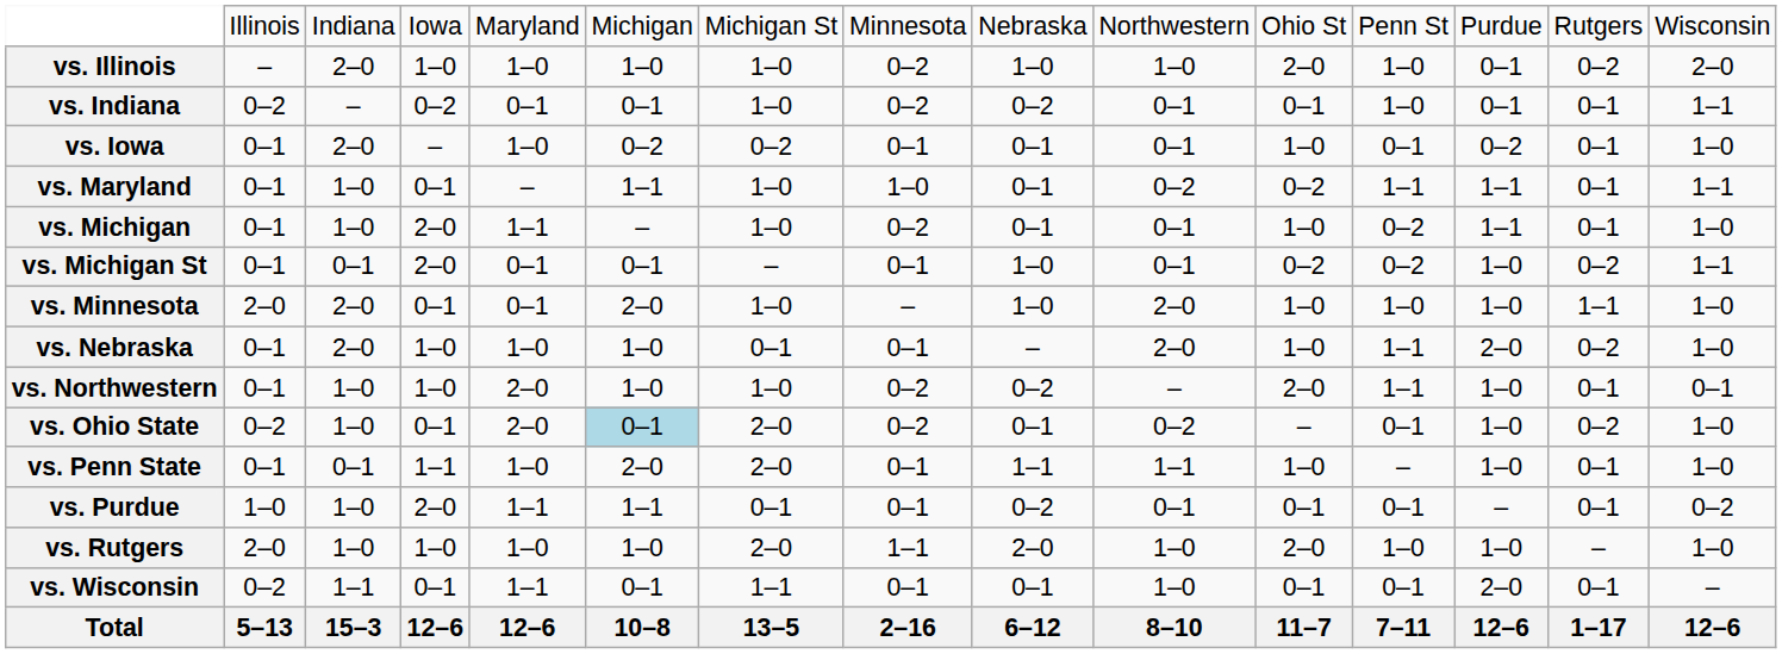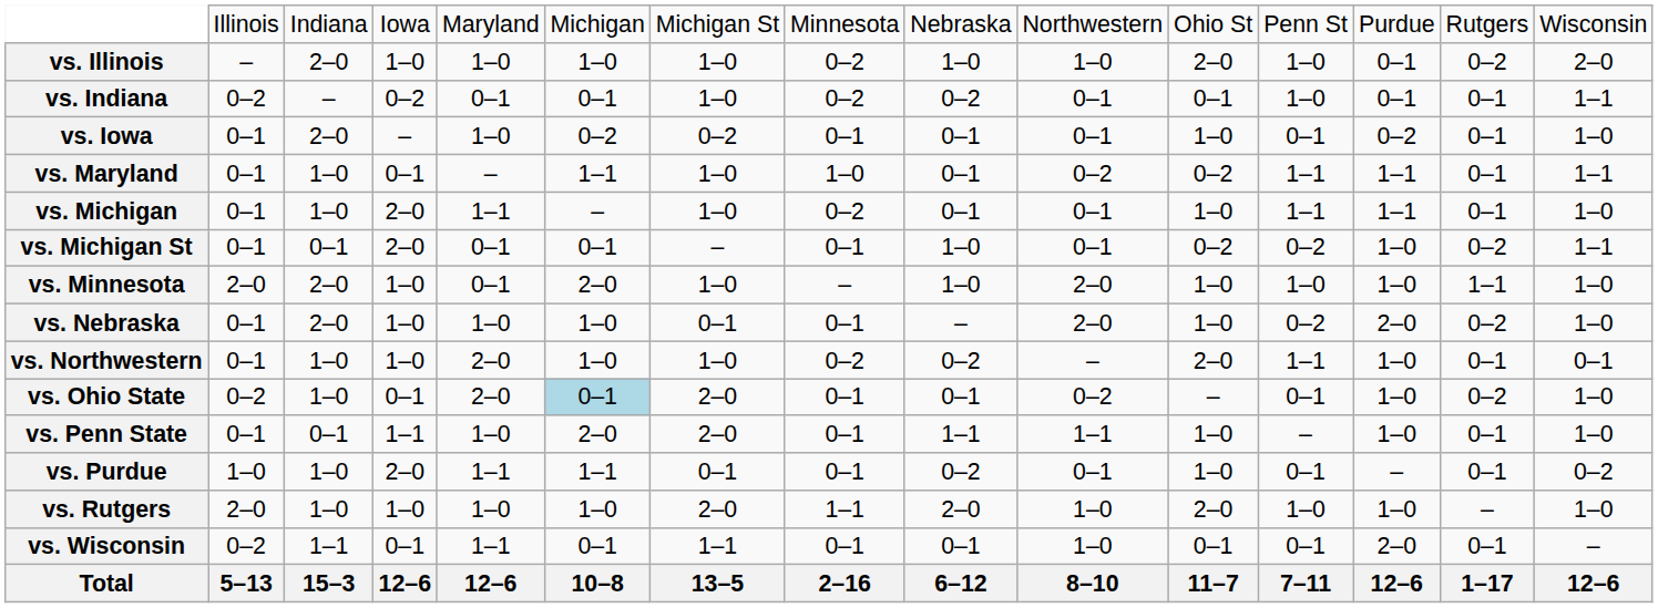 <table class="wikitable" style="white-space:nowrap; font-size:90%; text-align:center;">
 <tr>
 <td style="background:white; border-top-style:hidden; border-left-style:hidden;"></td>
 <td align="center" style="background:#">Illinois</td>
 <td align="center" style=>Indiana</td>
 <td align="center" style=>Iowa</td>
 <td align="center" style=>Maryland</td>
 <td align="center" style=>Michigan</td>
 <td align="center" style=>Michigan St</td>
 <td align="center" style=>Minnesota</td>
 <td align="center" style=>Nebraska</td>
 <td align="center" style=>Northwestern</td>
 <td align="center" style=>Ohio St</td>
 <td align="center" style=>Penn St</td>
 <td align="center" style=>Purdue</td>
 <td align="center" style=>Rutgers</td>
 <td align="center" style=>Wisconsin</td>
 </tr>
 <tr>
 <th>vs. Illinois</th>
 <td>–</td>
 <td>2–0</td>
 <td>1–0</td>
 <td>1–0</td>
 <td>1–0</td>
 <td>1–0</td>
 <td>0–2</td>
 <td>1–0</td>
 <td>1–0</td>
 <td>2–0</td>
 <td>1–0</td>
 <td>0–1</td>
 <td>0–2</td>
 <td>2–0</td>
 </tr>
 <tr>
 <th>vs. Indiana</th>
 <td>0–2</td>
 <td>–</td>
 <td>0–2</td>
 <td>0–1</td>
 <td>0–1</td>
 <td>1–0</td>
 <td>0–2</td>
 <td>0–2</td>
 <td>0–1</td>
 <td>0–1</td>
 <td>1–0</td>
 <td>0–1</td>
 <td>0–1</td>
 <td>1–1</td>
 </tr>
 <tr>
 <th>vs. Iowa</th>
 <td>0–1</td>
 <td>2–0</td>
 <td>–</td>
 <td>1–0</td>
 <td>0–2</td>
 <td>0–2</td>
 <td>0–1</td>
 <td>0–1</td>
 <td>0–1</td>
 <td>1–0</td>
 <td>0–1</td>
 <td>0–2</td>
 <td>0–1</td>
 <td>1–0</td>
 </tr>
 <tr>
 <th>vs. Maryland</th>
 <td>0–1</td>
 <td>1–0</td>
 <td>0–1</td>
 <td>–</td>
 <td>1–1</td>
 <td>1–0</td>
 <td>1–0</td>
 <td>0–1</td>
 <td>0–2</td>
 <td>0–2</td>
 <td>1–1</td>
 <td>1–1</td>
 <td>0–1</td>
 <td>1–1</td>
 </tr>
 <tr>
 <th>vs. Michigan</th>
 <td>0–1</td>
 <td>1–0</td>
 <td>2–0</td>
 <td>1–1</td>
 <td>–</td>
 <td>1–0</td>
 <td>0–2</td>
 <td>0–1</td>
 <td>0–1</td>
 <td>1–0</td>
-<td>0–2</td>
+<td>1–1</td>
 <td>1–1</td>
 <td>0–1</td>
 <td>1–0</td>
 </tr>
 <tr>
 <th>vs. Michigan St</th>
 <td>0–1</td>
 <td>0–1</td>
 <td>2–0</td>
 <td>0–1</td>
 <td>0–1</td>
 <td>–</td>
 <td>0–1</td>
 <td>1–0</td>
 <td>0–1</td>
 <td>0–2</td>
 <td>0–2</td>
 <td>1–0</td>
 <td>0–2</td>
 <td>1–1</td>
 </tr>
 <tr>
 <th>vs. Minnesota</th>
 <td>2–0</td>
 <td>2–0</td>
-<td>0–1</td>
+<td>1–0</td>
 <td>0–1</td>
 <td>2–0</td>
 <td>1–0</td>
 <td>–</td>
 <td>1–0</td>
 <td>2–0</td>
 <td>1–0</td>
 <td>1–0</td>
 <td>1–0</td>
 <td>1–1</td>
 <td>1–0</td>
 </tr>
 <tr>
 <th>vs. Nebraska</th>
 <td>0–1</td>
 <td>2–0</td>
 <td>1–0</td>
 <td>1–0</td>
 <td>1–0</td>
 <td>0–1</td>
 <td>0–1</td>
 <td>–</td>
 <td>2–0</td>
 <td>1–0</td>
-<td>1–1</td>
+<td>0–2</td>
 <td>2–0</td>
 <td>0–2</td>
 <td>1–0</td>
 </tr>
 <tr>
 <th>vs. Northwestern</th>
 <td>0–1</td>
 <td>1–0</td>
 <td>1–0</td>
 <td>2–0</td>
 <td>1–0</td>
 <td>1–0</td>
 <td>0–2</td>
 <td>0–2</td>
 <td>–</td>
 <td>2–0</td>
 <td>1–1</td>
 <td>1–0</td>
 <td>0–1</td>
 <td>0–1</td>
 </tr>
 <tr>
 <th>vs. Ohio State</th>
 <td>0–2</td>
 <td>1–0</td>
 <td>0–1</td>
 <td>2–0</td>
 <td style="background: lightblue;">0–1</td>
 <td>2–0</td>
-<td>0–2</td>
+<td>0–1</td>
 <td>0–1</td>
 <td>0–2</td>
 <td>–</td>
 <td>0–1</td>
 <td>1–0</td>
 <td>0–2</td>
 <td>1–0</td>
 </tr>
 <tr>
 <th>vs. Penn State</th>
 <td>0–1</td>
 <td>0–1</td>
 <td>1–1</td>
 <td>1–0</td>
 <td>2–0</td>
 <td>2–0</td>
 <td>0–1</td>
 <td>1–1</td>
 <td>1–1</td>
 <td>1–0</td>
 <td>–</td>
 <td>1–0</td>
 <td>0–1</td>
 <td>1–0</td>
 </tr>
 <tr>
 <th>vs. Purdue</th>
 <td>1–0</td>
 <td>1–0</td>
 <td>2–0</td>
 <td>1–1</td>
 <td>1–1</td>
 <td>0–1</td>
 <td>0–1</td>
 <td>0–2</td>
 <td>0–1</td>
-<td>0–1</td>
+<td>1–0</td>
 <td>0–1</td>
 <td>–</td>
 <td>0–1</td>
 <td>0–2</td>
 </tr>
 <tr>
 <th>vs. Rutgers</th>
 <td>2–0</td>
 <td>1–0</td>
 <td>1–0</td>
 <td>1–0</td>
 <td>1–0</td>
 <td>2–0</td>
 <td>1–1</td>
 <td>2–0</td>
 <td>1–0</td>
 <td>2–0</td>
 <td>1–0</td>
 <td>1–0</td>
 <td>–</td>
 <td>1–0</td>
 </tr>
 <tr>
 <th>vs. Wisconsin</th>
 <td>0–2</td>
 <td>1–1</td>
 <td>0–1</td>
 <td>1–1</td>
 <td>0–1</td>
 <td>1–1</td>
 <td>0–1</td>
 <td>0–1</td>
 <td>1–0</td>
 <td>0–1</td>
 <td>0–1</td>
 <td>2–0</td>
 <td>0–1</td>
 <td>–</td>
 </tr>
 <tr>
 <th>Total</th>
 <th>5–13</th>
 <th>15–3</th>
 <th>12–6</th>
 <th>12–6</th>
 <th>10–8</th>
 <th>13–5</th>
 <th>2–16</th>
 <th>6–12</th>
 <th>8–10</th>
 <th>11–7</th>
 <th>7–11</th>
 <th>12–6</th>
 <th>1–17</th>
 <th>12–6</th>
 </tr>
 </table>
